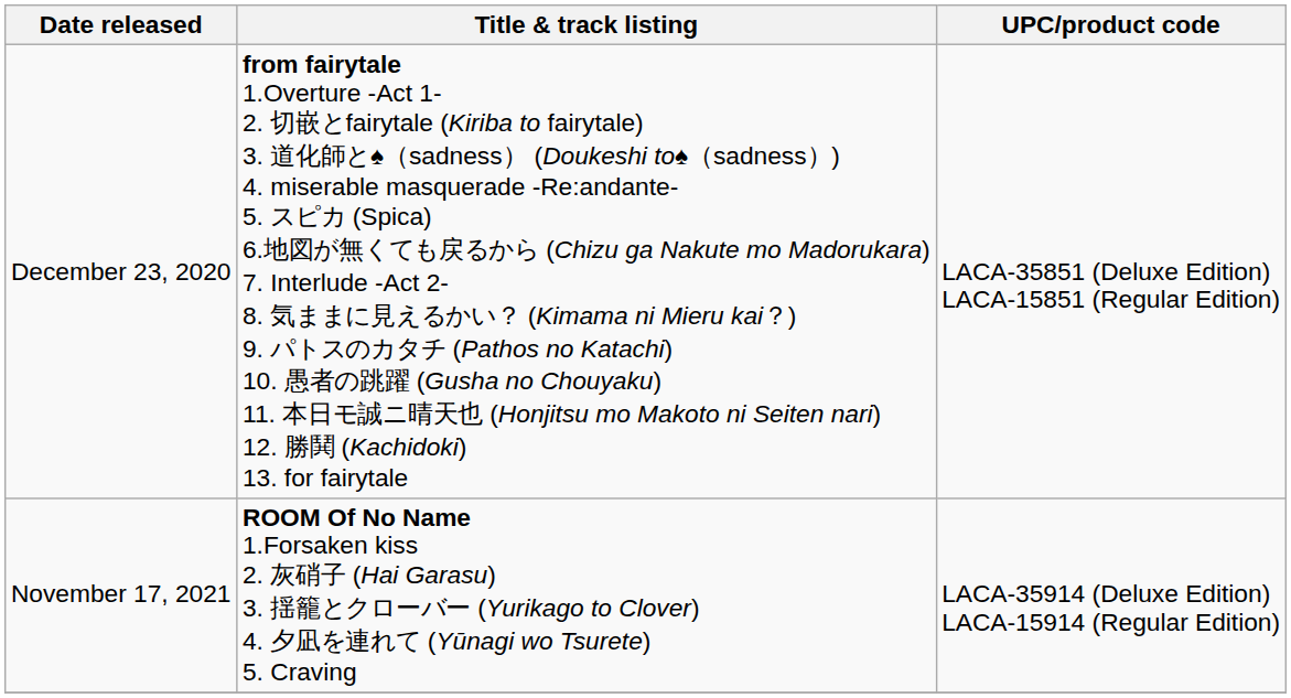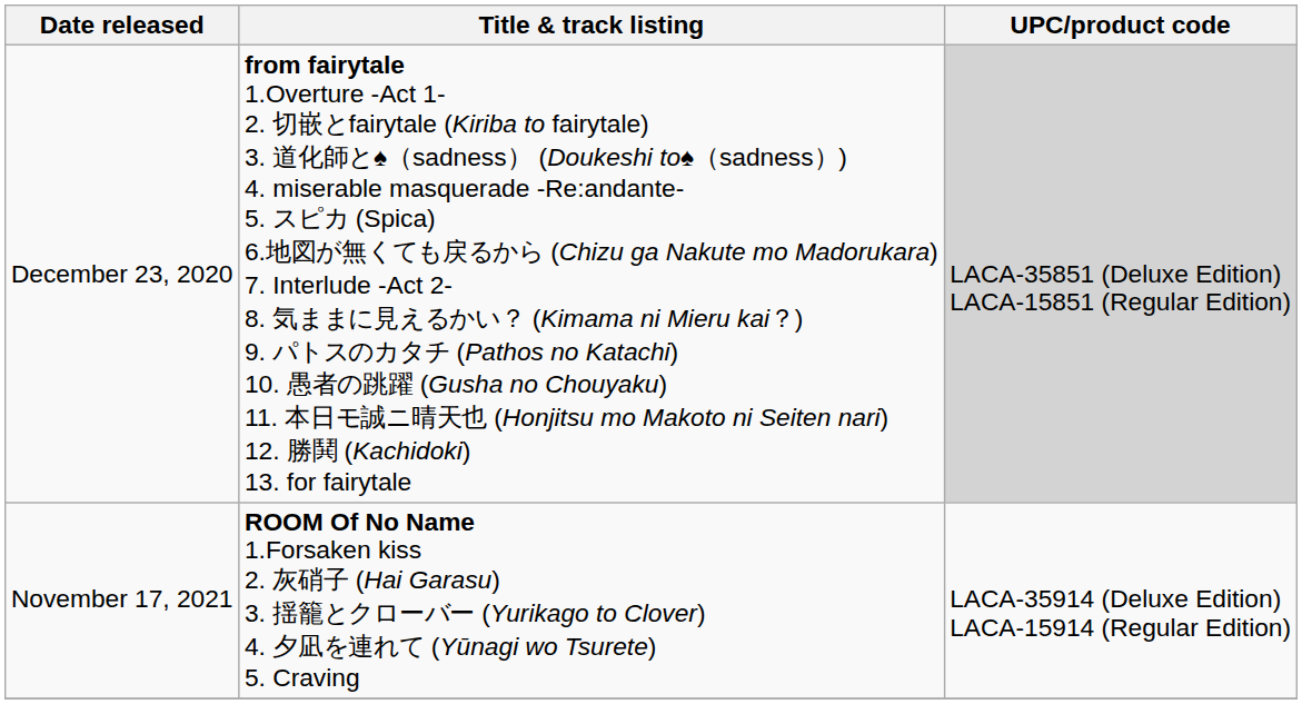 <table class=wikitable>
 <tr>
 <th>Date released</th>
 <th>Title & track listing</th>
 <th>UPC/product code</th>
 </tr>
 <tr>
 <td>December 23, 2020</td>
 <td><strong>from fairytale</strong> <br>1.Overture -Act 1-<br>2. 切嵌とfairytale (<em>Kiriba to</em> fairytale)<br>3. 道化師と♠︎（sadness） (<em>Doukeshi to</em>♠︎（sadness）)<br>4. miserable masquerade -Re:andante-<br>5. スピカ (Spica)<br>6.地図が無くても戻るから (<em>Chizu ga Nakute mo Madorukara</em>)<br>7. Interlude -Act 2-　<br> 8. 気ままに見えるかい？ (<em>Kimama ni Mieru kai</em>？)<br>9. パトスのカタチ (<em>Pathos no Katachi</em>)<br>10. 愚者の跳躍 (<em>Gusha no Chouyaku</em>)<br>11. 本日モ誠ニ晴天也 (<em>Honjitsu mo Makoto ni Seiten nari</em>)<br>12. 勝鬨 (<em>Kachidoki</em>)<br> 13. for fairytale</td>
-<td><br>LACA-35851 (Deluxe Edition)<br> LACA-15851 (Regular Edition)</td>
+<td style="background: lightgrey;"><br>LACA-35851 (Deluxe Edition)<br> LACA-15851 (Regular Edition)</td>
 </tr>
 <tr>
 <td>November 17, 2021</td>
 <td><strong>ROOM Of No Name</strong> <br>1.Forsaken kiss<br>2. 灰硝子 (<em>Hai Garasu</em>)<br>3. 揺籠とクローバー (<em>Yurikago to Clover</em>)<br>4. 夕凪を連れて (<em>Yūnagi wo Tsurete</em>)<br>5. Craving</td>
 <td><br>LACA-35914 (Deluxe Edition)<br> LACA-15914 (Regular Edition)</td>
 </tr>
 <tr>
 </tr>
 </table>
